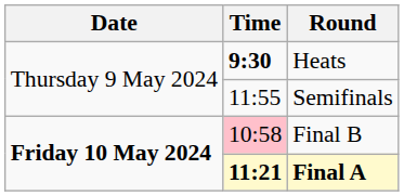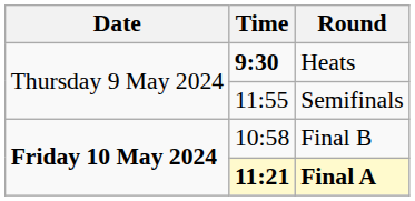 <table class="wikitable">
 <tr>
 <th>Date</th>
 <th>Time</th>
 <th>Round</th>
 </tr>
 <tr>
 <td rowspan=2>Thursday 9 May 2024</td>
 <td><strong>9:30</strong></td>
 <td>Heats</td>
 </tr>
 <tr>
 <td>11:55</td>
 <td>Semifinals</td>
 </tr>
 <tr>
 <td rowspan=2><strong>Friday 10 May 2024</strong></td>
-<td style="background: pink;">10:58</td>
+<td>10:58</td>
 <td>Final B</td>
 </tr>
 <tr>
 <td style=background:lemonchiffon><strong>11:21</strong></td>
 <td style=background:lemonchiffon><strong>Final A</strong></td>
 </tr>
 </table>
